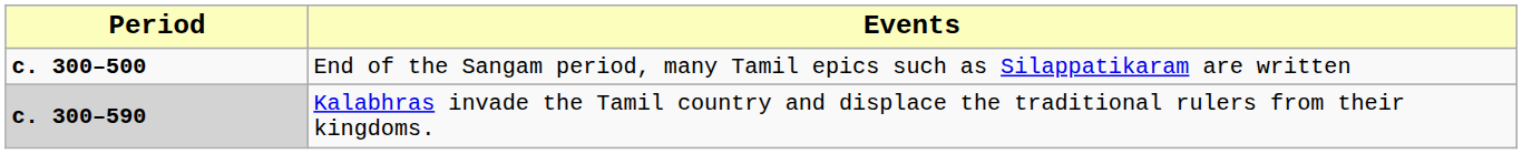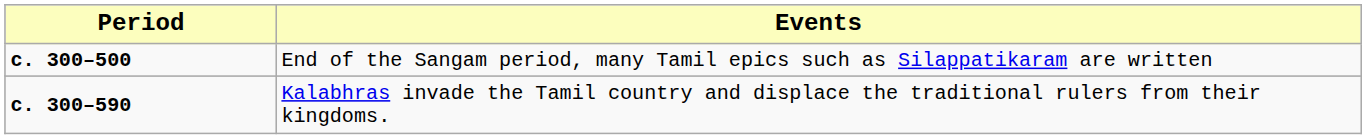 <table class="wikitable" style="text-align:left; margin: auto; width:99%">
 <tr>
 <th scope="row" style="width: 20%; text-align:center; font-size:120%; background:#fcfebe; color:#000000;">Period</th>
 <th scope="row" style="text-align:center; font-size:120%; background:#fcfebe; color:#000000;">Events</th>
 </tr>
 <tr>
 <td><strong>c. 300–500</strong></td>
 <td>End of the Sangam period, many Tamil epics such as <a href='#'>Silappatikaram</a> are written</td>
 </tr>
 <tr>
-<td style="background: lightgrey;"><strong>c. 300–590</strong></td>
+<td><strong>c. 300–590</strong></td>
 <td><a href='#'>Kalabhras</a> invade the Tamil country and displace the traditional rulers from their kingdoms.</td>
 </tr>
 </table>
